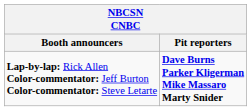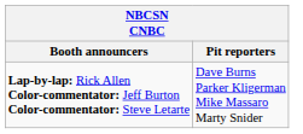 <table class="wikitable" style="font-size: 95%;">
 <tr>
 <th colspan="2"><a href='#'>NBCSN</a><br><a href='#'>CNBC</a></th>
 </tr>
 <tr>
 <th>Booth announcers</th>
 <th>Pit reporters</th>
 </tr>
 <tr>
 <td><strong>Lap-by-lap:</strong> <a href='#'>Rick Allen</a><br><strong>Color-commentator:</strong> <a href='#'>Jeff Burton</a><br><strong>Color-commentator:</strong> <a href='#'>Steve Letarte</a></td>
-<td><strong><a href='#'>Dave Burns</a><br><a href='#'>Parker Kligerman</a><br><a href='#'>Mike Massaro</a><br>Marty Snider</strong></td>
+<td><a href='#'>Dave Burns</a><br><a href='#'>Parker Kligerman</a><br><a href='#'>Mike Massaro</a><br>Marty Snider</td>
 </tr>
 </table>
